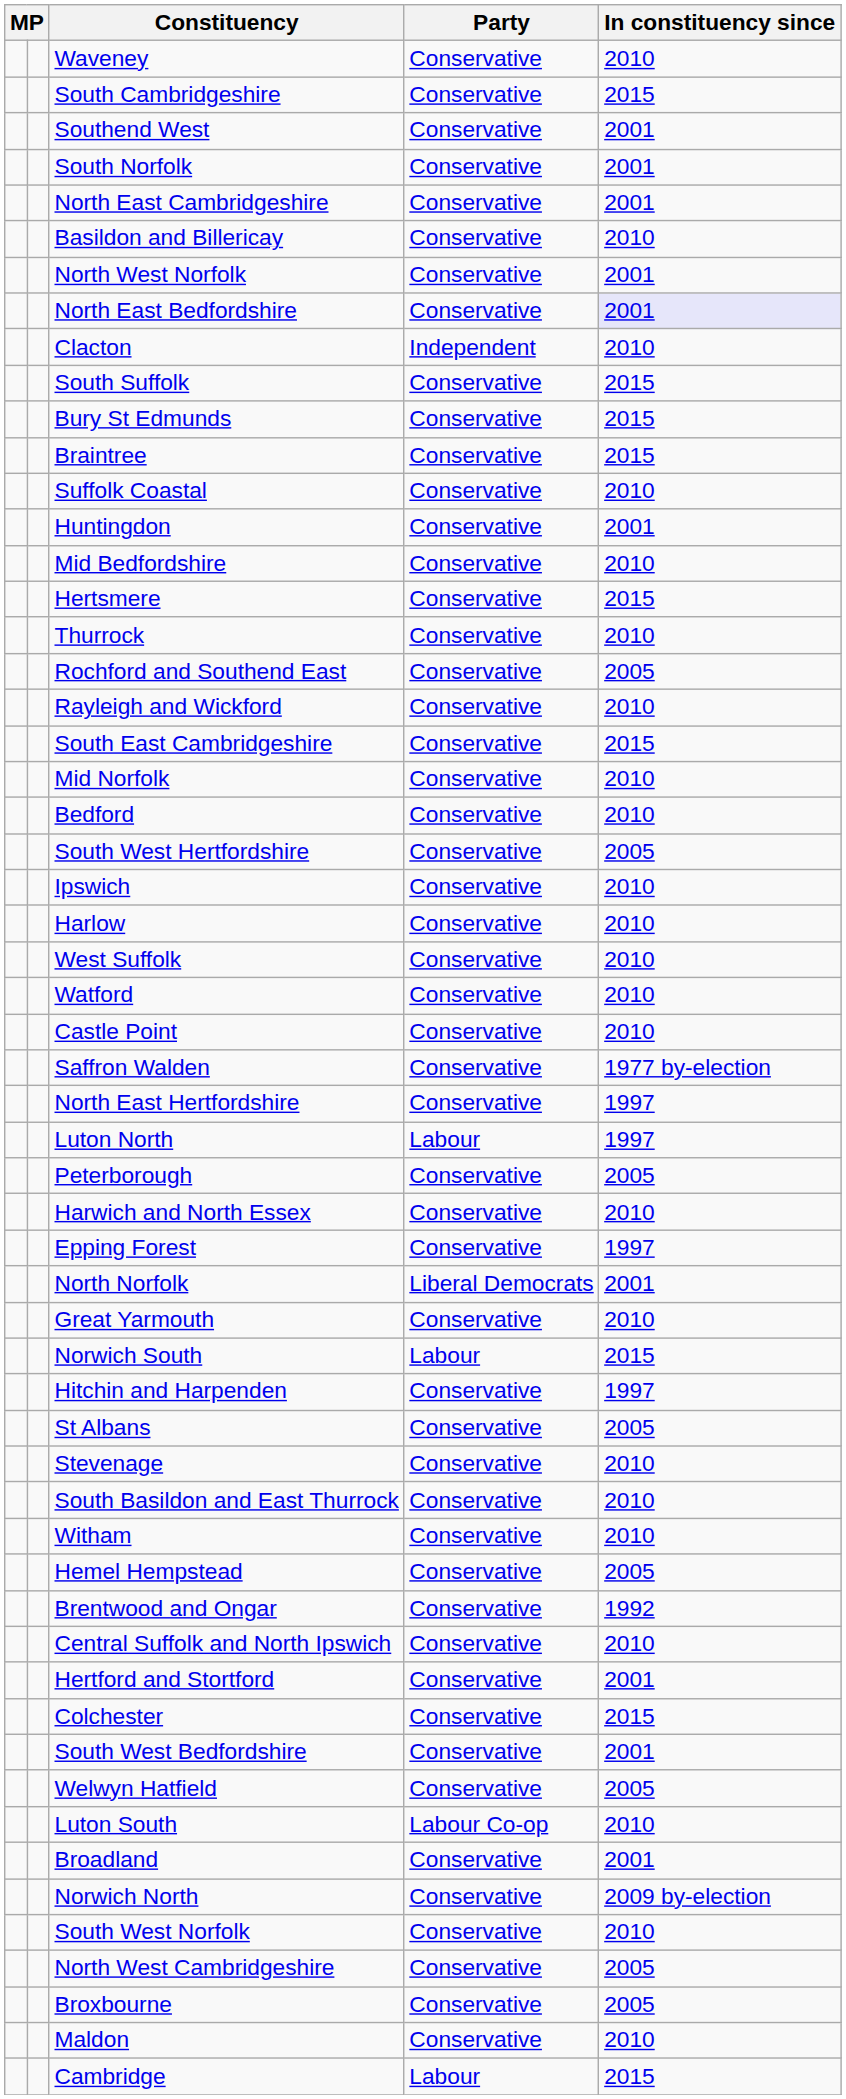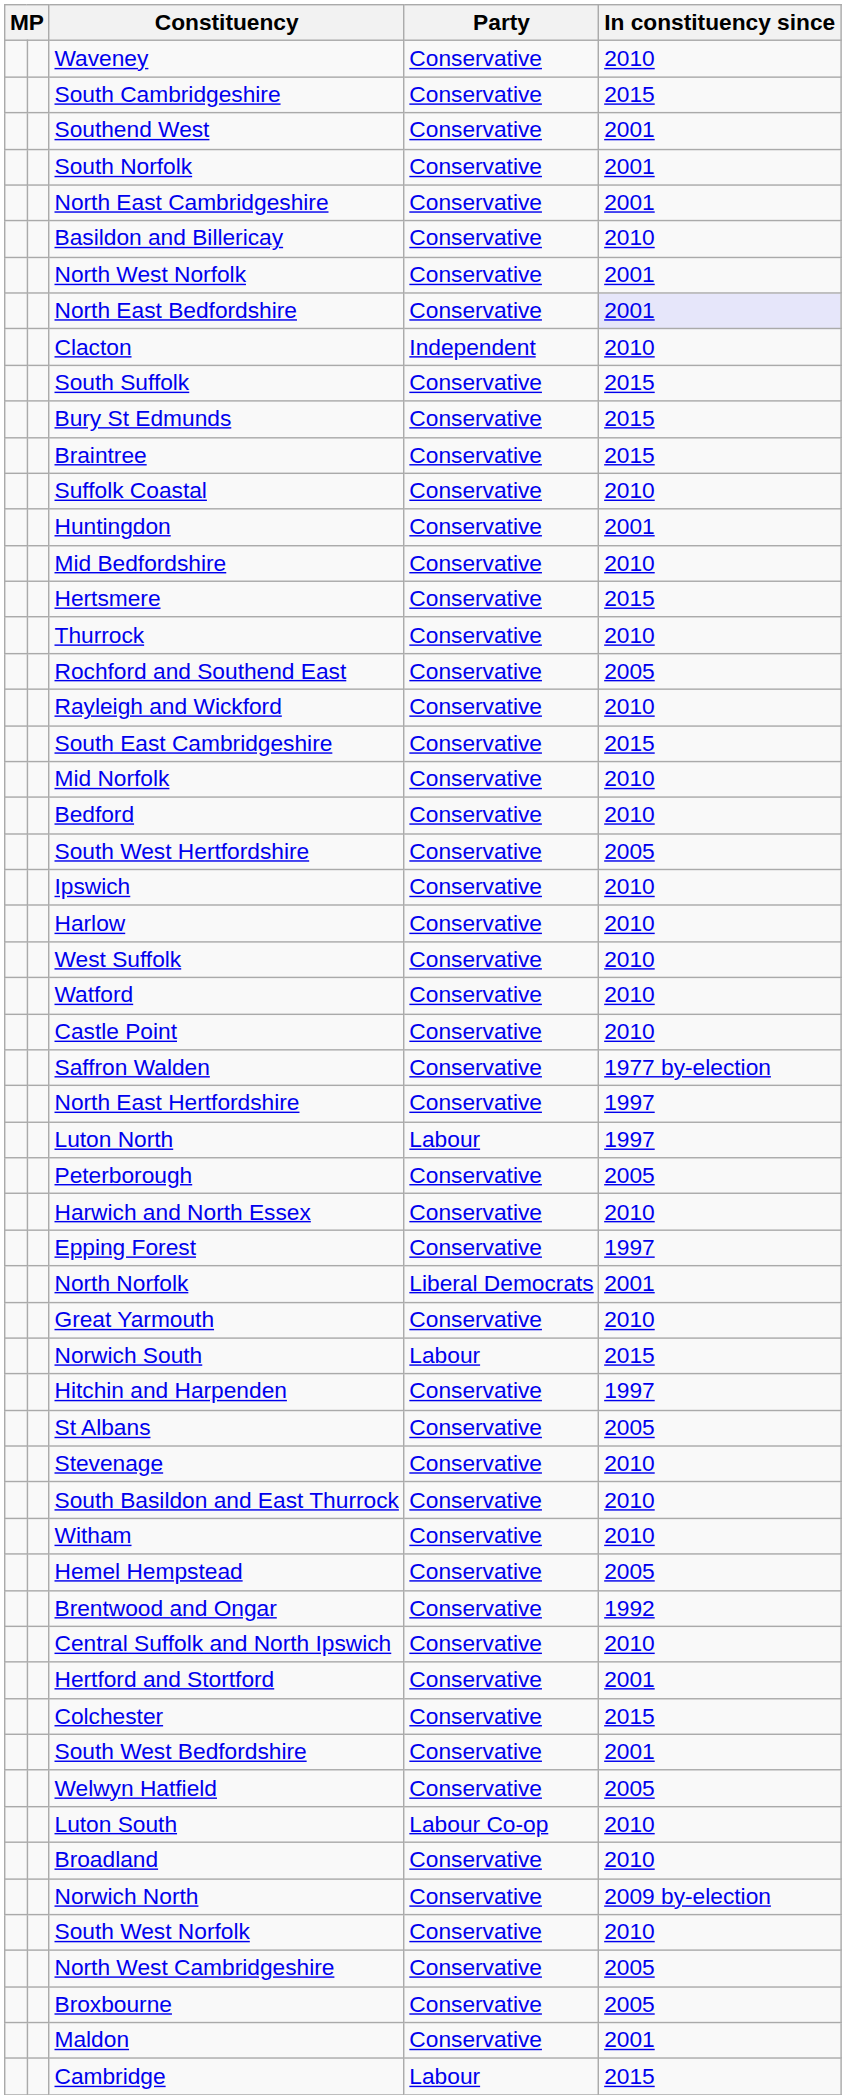 <table class="wikitable sortable">
 <tr>
 <th colspan=2>MP</th>
 <th>Constituency</th>
 <th>Party</th>
 <th>In constituency since</th>
 </tr>
 <tr>
 <td></td>
 <td></td>
 <td><a href='#'>Waveney</a></td>
 <td><a href='#'>Conservative</a></td>
 <td><a href='#'>2010</a></td>
 </tr>
 <tr>
 <td></td>
 <td></td>
 <td><a href='#'>South Cambridgeshire</a></td>
 <td><a href='#'>Conservative</a></td>
 <td><a href='#'>2015</a></td>
 </tr>
 <tr>
 <td></td>
 <td></td>
 <td><a href='#'>Southend West</a></td>
 <td><a href='#'>Conservative</a></td>
 <td><a href='#'>2001</a></td>
 </tr>
 <tr>
 <td></td>
 <td></td>
 <td><a href='#'>South Norfolk</a></td>
 <td><a href='#'>Conservative</a></td>
 <td><a href='#'>2001</a></td>
 </tr>
 <tr>
 <td></td>
 <td></td>
 <td><a href='#'>North East Cambridgeshire</a></td>
 <td><a href='#'>Conservative</a></td>
 <td><a href='#'>2001</a></td>
 </tr>
 <tr>
 <td></td>
 <td></td>
 <td><a href='#'>Basildon and Billericay</a></td>
 <td><a href='#'>Conservative</a></td>
 <td><a href='#'>2010</a></td>
 </tr>
 <tr>
 <td></td>
 <td></td>
 <td><a href='#'>North West Norfolk</a></td>
 <td><a href='#'>Conservative</a></td>
 <td><a href='#'>2001</a></td>
 </tr>
 <tr>
 <td></td>
 <td></td>
 <td><a href='#'>North East Bedfordshire</a></td>
 <td><a href='#'>Conservative</a></td>
 <td style="background: lavender;"><a href='#'>2001</a></td>
 </tr>
 <tr>
 <td></td>
 <td></td>
 <td><a href='#'>Clacton</a></td>
 <td><a href='#'>Independent</a></td>
 <td><a href='#'>2010</a></td>
 </tr>
 <tr>
 <td></td>
 <td></td>
 <td><a href='#'>South Suffolk</a></td>
 <td><a href='#'>Conservative</a></td>
 <td><a href='#'>2015</a></td>
 </tr>
 <tr>
 <td></td>
 <td></td>
 <td><a href='#'>Bury St Edmunds</a></td>
 <td><a href='#'>Conservative</a></td>
 <td><a href='#'>2015</a></td>
 </tr>
 <tr>
 <td></td>
 <td></td>
 <td><a href='#'>Braintree</a></td>
 <td><a href='#'>Conservative</a></td>
 <td><a href='#'>2015</a></td>
 </tr>
 <tr>
 <td></td>
 <td></td>
 <td><a href='#'>Suffolk Coastal</a></td>
 <td><a href='#'>Conservative</a></td>
 <td><a href='#'>2010</a></td>
 </tr>
 <tr>
 <td></td>
 <td></td>
 <td><a href='#'>Huntingdon</a></td>
 <td><a href='#'>Conservative</a></td>
 <td><a href='#'>2001</a></td>
 </tr>
 <tr>
 <td></td>
 <td></td>
 <td><a href='#'>Mid Bedfordshire</a></td>
 <td><a href='#'>Conservative</a></td>
 <td><a href='#'>2010</a></td>
 </tr>
 <tr>
 <td></td>
 <td></td>
 <td><a href='#'>Hertsmere</a></td>
 <td><a href='#'>Conservative</a></td>
 <td><a href='#'>2015</a></td>
 </tr>
 <tr>
 <td></td>
 <td></td>
 <td><a href='#'>Thurrock</a></td>
 <td><a href='#'>Conservative</a></td>
 <td><a href='#'>2010</a></td>
 </tr>
 <tr>
 <td></td>
 <td></td>
 <td><a href='#'>Rochford and Southend East</a></td>
 <td><a href='#'>Conservative</a></td>
 <td><a href='#'>2005</a></td>
 </tr>
 <tr>
 <td></td>
 <td></td>
 <td><a href='#'>Rayleigh and Wickford</a></td>
 <td><a href='#'>Conservative</a></td>
 <td><a href='#'>2010</a></td>
 </tr>
 <tr>
 <td></td>
 <td></td>
 <td><a href='#'>South East Cambridgeshire</a></td>
 <td><a href='#'>Conservative</a></td>
 <td><a href='#'>2015</a></td>
 </tr>
 <tr>
 <td></td>
 <td></td>
 <td><a href='#'>Mid Norfolk</a></td>
 <td><a href='#'>Conservative</a></td>
 <td><a href='#'>2010</a></td>
 </tr>
 <tr>
 <td></td>
 <td></td>
 <td><a href='#'>Bedford</a></td>
 <td><a href='#'>Conservative</a></td>
 <td><a href='#'>2010</a></td>
 </tr>
 <tr>
 <td></td>
 <td></td>
 <td><a href='#'>South West Hertfordshire</a></td>
 <td><a href='#'>Conservative</a></td>
 <td><a href='#'>2005</a></td>
 </tr>
 <tr>
 <td></td>
 <td></td>
 <td><a href='#'>Ipswich</a></td>
 <td><a href='#'>Conservative</a></td>
 <td><a href='#'>2010</a></td>
 </tr>
 <tr>
 <td></td>
 <td></td>
 <td><a href='#'>Harlow</a></td>
 <td><a href='#'>Conservative</a></td>
 <td><a href='#'>2010</a></td>
 </tr>
 <tr>
 <td></td>
 <td></td>
 <td><a href='#'>West Suffolk</a></td>
 <td><a href='#'>Conservative</a></td>
 <td><a href='#'>2010</a></td>
 </tr>
 <tr>
 <td></td>
 <td></td>
 <td><a href='#'>Watford</a></td>
 <td><a href='#'>Conservative</a></td>
 <td><a href='#'>2010</a></td>
 </tr>
 <tr>
 <td></td>
 <td></td>
 <td><a href='#'>Castle Point</a></td>
 <td><a href='#'>Conservative</a></td>
 <td><a href='#'>2010</a></td>
 </tr>
 <tr>
 <td></td>
 <td></td>
 <td><a href='#'>Saffron Walden</a></td>
 <td><a href='#'>Conservative</a></td>
 <td><a href='#'>1977 by-election</a></td>
 </tr>
 <tr>
 <td></td>
 <td></td>
 <td><a href='#'>North East Hertfordshire</a></td>
 <td><a href='#'>Conservative</a></td>
 <td><a href='#'>1997</a></td>
 </tr>
 <tr>
 <td style="background-color: "></td>
 <td></td>
 <td><a href='#'>Luton North</a></td>
 <td><a href='#'>Labour</a></td>
 <td><a href='#'>1997</a></td>
 </tr>
 <tr>
 <td></td>
 <td></td>
 <td><a href='#'>Peterborough</a></td>
 <td><a href='#'>Conservative</a></td>
 <td><a href='#'>2005</a></td>
 </tr>
 <tr>
 <td></td>
 <td></td>
 <td><a href='#'>Harwich and North Essex</a></td>
 <td><a href='#'>Conservative</a></td>
 <td><a href='#'>2010</a></td>
 </tr>
 <tr>
 <td></td>
 <td></td>
 <td><a href='#'>Epping Forest</a></td>
 <td><a href='#'>Conservative</a></td>
 <td><a href='#'>1997</a></td>
 </tr>
 <tr>
 <td style="background-color: "></td>
 <td></td>
 <td><a href='#'>North Norfolk</a></td>
 <td><a href='#'>Liberal Democrats</a></td>
 <td><a href='#'>2001</a></td>
 </tr>
 <tr>
 <td></td>
 <td></td>
 <td><a href='#'>Great Yarmouth</a></td>
 <td><a href='#'>Conservative</a></td>
 <td><a href='#'>2010</a></td>
 </tr>
 <tr>
 <td style="background-color: "></td>
 <td></td>
 <td><a href='#'>Norwich South</a></td>
 <td><a href='#'>Labour</a></td>
 <td><a href='#'>2015</a></td>
 </tr>
 <tr>
 <td></td>
 <td></td>
 <td><a href='#'>Hitchin and Harpenden</a></td>
 <td><a href='#'>Conservative</a></td>
 <td><a href='#'>1997</a></td>
 </tr>
 <tr>
 <td></td>
 <td></td>
 <td><a href='#'>St Albans</a></td>
 <td><a href='#'>Conservative</a></td>
 <td><a href='#'>2005</a></td>
 </tr>
 <tr>
 <td></td>
 <td></td>
 <td><a href='#'>Stevenage</a></td>
 <td><a href='#'>Conservative</a></td>
 <td><a href='#'>2010</a></td>
 </tr>
 <tr>
 <td></td>
 <td></td>
 <td><a href='#'>South Basildon and East Thurrock</a></td>
 <td><a href='#'>Conservative</a></td>
 <td><a href='#'>2010</a></td>
 </tr>
 <tr>
 <td></td>
 <td></td>
 <td><a href='#'>Witham</a></td>
 <td><a href='#'>Conservative</a></td>
 <td><a href='#'>2010</a></td>
 </tr>
 <tr>
 <td></td>
 <td></td>
 <td><a href='#'>Hemel Hempstead</a></td>
 <td><a href='#'>Conservative</a></td>
 <td><a href='#'>2005</a></td>
 </tr>
 <tr>
 <td></td>
 <td></td>
 <td><a href='#'>Brentwood and Ongar</a></td>
 <td><a href='#'>Conservative</a></td>
 <td><a href='#'>1992</a></td>
 </tr>
 <tr>
 <td></td>
 <td></td>
 <td><a href='#'>Central Suffolk and North Ipswich</a></td>
 <td><a href='#'>Conservative</a></td>
 <td><a href='#'>2010</a></td>
 </tr>
 <tr>
 <td></td>
 <td></td>
 <td><a href='#'>Hertford and Stortford</a></td>
 <td><a href='#'>Conservative</a></td>
 <td><a href='#'>2001</a></td>
 </tr>
 <tr>
 <td></td>
 <td></td>
 <td><a href='#'>Colchester</a></td>
 <td><a href='#'>Conservative</a></td>
 <td><a href='#'>2015</a></td>
 </tr>
 <tr>
 <td></td>
 <td></td>
 <td><a href='#'>South West Bedfordshire</a></td>
 <td><a href='#'>Conservative</a></td>
 <td><a href='#'>2001</a></td>
 </tr>
 <tr>
 <td></td>
 <td></td>
 <td><a href='#'>Welwyn Hatfield</a></td>
 <td><a href='#'>Conservative</a></td>
 <td><a href='#'>2005</a></td>
 </tr>
 <tr>
 <td style="background-color: "></td>
 <td></td>
 <td><a href='#'>Luton South</a></td>
 <td><a href='#'>Labour Co-op</a></td>
 <td><a href='#'>2010</a></td>
 </tr>
 <tr>
 <td></td>
 <td></td>
 <td><a href='#'>Broadland</a></td>
 <td><a href='#'>Conservative</a></td>
-<td><a href='#'>2001</a></td>
+<td><a href='#'>2010</a></td>
 </tr>
 <tr>
 <td></td>
 <td></td>
 <td><a href='#'>Norwich North</a></td>
 <td><a href='#'>Conservative</a></td>
 <td><a href='#'>2009 by-election</a></td>
 </tr>
 <tr>
 <td></td>
 <td></td>
 <td><a href='#'>South West Norfolk</a></td>
 <td><a href='#'>Conservative</a></td>
 <td><a href='#'>2010</a></td>
 </tr>
 <tr>
 <td></td>
 <td></td>
 <td><a href='#'>North West Cambridgeshire</a></td>
 <td><a href='#'>Conservative</a></td>
 <td><a href='#'>2005</a></td>
 </tr>
 <tr>
 <td></td>
 <td></td>
 <td><a href='#'>Broxbourne</a></td>
 <td><a href='#'>Conservative</a></td>
 <td><a href='#'>2005</a></td>
 </tr>
 <tr>
 <td></td>
 <td></td>
 <td><a href='#'>Maldon</a></td>
 <td><a href='#'>Conservative</a></td>
-<td><a href='#'>2010</a></td>
+<td><a href='#'>2001</a></td>
 </tr>
 <tr>
 <td style="background-color: "></td>
 <td></td>
 <td><a href='#'>Cambridge</a></td>
 <td><a href='#'>Labour</a></td>
 <td><a href='#'>2015</a></td>
 </tr>
 </table>
